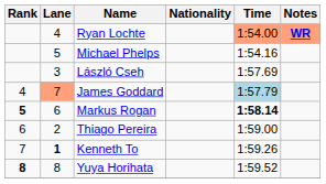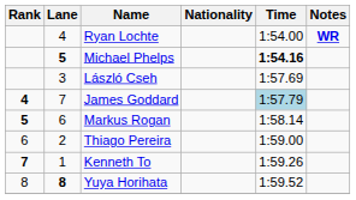 <table class="wikitable sortable" style="text-align:center">
 <tr>
 <th>Rank</th>
 <th>Lane</th>
 <th>Name</th>
 <th>Nationality</th>
 <th>Time</th>
 <th>Notes</th>
 </tr>
 <tr>
 <td></td>
 <td>4</td>
 <td align=left><a href='#'>Ryan Lochte</a></td>
 <td align=left></td>
-<td style="background: lightsalmon;">1:54.00</td>
-<td style="background: lightsalmon;"><strong><a href='#'>WR</a></strong></td>
+<td>1:54.00</td>
+<td><strong><a href='#'>WR</a></strong></td>
 </tr>
 <tr>
 <td></td>
-<td>5</td>
+<td><strong>5</strong></td>
 <td align=left><a href='#'>Michael Phelps</a></td>
 <td align=left></td>
-<td>1:54.16</td>
+<td><strong>1:54.16</strong></td>
 <td></td>
 </tr>
 <tr>
 <td></td>
 <td>3</td>
 <td align=left><a href='#'>László Cseh</a></td>
 <td align=left></td>
 <td>1:57.69</td>
 <td></td>
 </tr>
 <tr>
-<td>4</td>
-<td style="background: lightsalmon;">7</td>
+<td><strong>4</strong></td>
+<td>7</td>
 <td align=left><a href='#'>James Goddard</a></td>
 <td align=left></td>
 <td style="background: lightblue;">1:57.79</td>
 <td></td>
 </tr>
 <tr>
 <td><strong>5</strong></td>
 <td>6</td>
 <td align=left><a href='#'>Markus Rogan</a></td>
 <td align=left></td>
-<td><strong>1:58.14</strong></td>
+<td>1:58.14</td>
 <td></td>
 </tr>
 <tr>
 <td>6</td>
 <td>2</td>
 <td align=left><a href='#'>Thiago Pereira</a></td>
 <td align=left></td>
 <td>1:59.00</td>
 <td></td>
 </tr>
 <tr>
-<td>7</td>
-<td><strong>1</strong></td>
+<td><strong>7</strong></td>
+<td>1</td>
 <td align=left><a href='#'>Kenneth To</a></td>
 <td align=left></td>
 <td>1:59.26</td>
 <td></td>
 </tr>
 <tr>
+<td>8</td>
 <td><strong>8</strong></td>
-<td>8</td>
 <td align=left><a href='#'>Yuya Horihata</a></td>
 <td align=left></td>
 <td>1:59.52</td>
 <td></td>
 </tr>
 <tr>
 </tr>
 </table>
